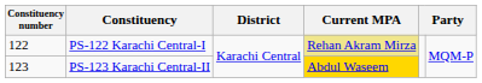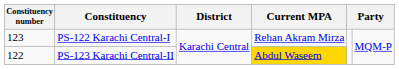 <table class="wikitable">
 <tr>
 <th width="50px" style="font-size:75%">Constituency number</th>
 <th>Constituency</th>
 <th>District</th>
 <th>Current MPA</th>
 <th colspan="2">Party</th>
 </tr>
 <tr>
-<td>122</td>
+<td>123</td>
 <td><a href='#'>PS-122 Karachi Central-I</a></td>
 <td rowspan="2"><a href='#'>Karachi Central</a></td>
-<td style="background: khaki;"><a href='#'>Rehan Akram Mirza</a></td>
+<td><a href='#'>Rehan Akram Mirza</a></td>
 <td rowspan="2"></td>
 <td rowspan="2"><a href='#'>MQM-P</a></td>
 </tr>
 <tr>
-<td>123</td>
+<td>122</td>
 <td><a href='#'>PS-123 Karachi Central-II</a></td>
 <td style="background: gold;"><a href='#'>Abdul Waseem</a></td>
 </tr>
 </table>
